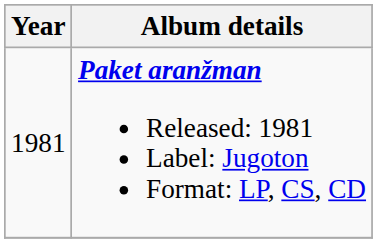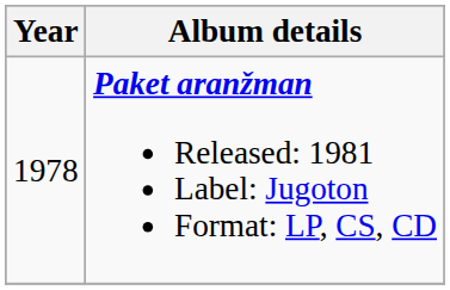 <table class ="wikitable">
 <tr>
 <th>Year</th>
 <th>Album details</th>
 </tr>
 <tr>
-<td align="center" rowspan="1">1981</td>
+<td align="center" rowspan="1">1978</td>
 <td><strong><em><a href='#'>Paket aranžman</a></em></strong><br><ul><li>Released: 1981</li><li>Label: <a href='#'>Jugoton</a></li><li>Format: <a href='#'>LP</a>, <a href='#'>CS</a>, <a href='#'>CD</a></li></ul></td>
 </tr>
 <tr>
 </tr>
 </table>
